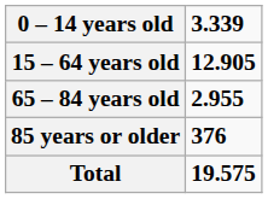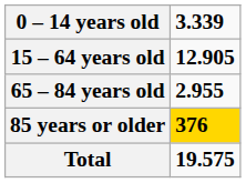 <table class="wikitable">
 <tr>
 <th><strong>0 – 14 years old</strong></th>
 <td><strong>3.339</strong></td>
 </tr>
 <tr>
 <th><strong>15 – 64 years old</strong></th>
 <td><strong>12.905</strong></td>
 </tr>
 <tr>
 <th><strong>65 – 84 years old</strong></th>
 <td><strong>2.955</strong></td>
 </tr>
 <tr>
 <th><strong>85 years or older</strong></th>
-<td><strong>376</strong></td>
+<td style="background: gold;"><strong>376</strong></td>
 </tr>
 <tr>
 <th><strong>Total</strong></th>
 <td><strong>19.575</strong></td>
 </tr>
 </table>
